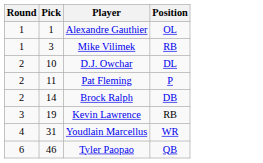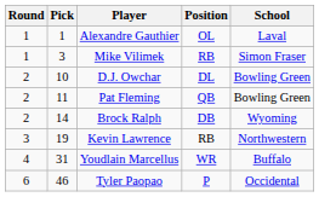 <table class="wikitable" style="font-size: 95%;">
 <tr>
 <th scope="col">Round</th>
 <th scope="col">Pick</th>
 <th scope="col">Player</th>
 <th scope="col">Position</th>
+<th scope="col">School</th>
 </tr>
 <tr align="center">
 <td align=center>1</td>
 <td>1</td>
 <td><a href='#'>Alexandre Gauthier</a></td>
 <td><a href='#'>OL</a></td>
+<td><a href='#'>Laval</a></td>
 </tr>
 <tr align="center">
 <td>1</td>
 <td>3</td>
 <td><a href='#'>Mike Vilimek</a></td>
 <td><a href='#'>RB</a></td>
+<td><a href='#'>Simon Fraser</a></td>
 </tr>
 <tr align="center">
 <td align=center>2</td>
 <td>10</td>
 <td><a href='#'>D.J. Owchar</a></td>
 <td><a href='#'>DL</a></td>
+<td><a href='#'>Bowling Green</a></td>
 </tr>
 <tr align="center">
 <td align=center>2</td>
 <td>11</td>
 <td><a href='#'>Pat Fleming</a></td>
-<td><a href='#'>P</a></td>
+<td><a href='#'>QB</a></td>
+<td>Bowling Green</td>
 </tr>
 <tr align="center">
 <td align=center>2</td>
 <td>14</td>
 <td><a href='#'>Brock Ralph</a></td>
 <td><a href='#'>DB</a></td>
+<td><a href='#'>Wyoming</a></td>
 </tr>
 <tr align="center">
 <td align=center>3</td>
 <td>19</td>
 <td><a href='#'>Kevin Lawrence</a></td>
 <td>RB</td>
+<td><a href='#'>Northwestern</a></td>
 </tr>
 <tr align="center">
 <td align=center>4</td>
 <td>31</td>
 <td><a href='#'>Youdlain Marcellus</a></td>
 <td><a href='#'>WR</a></td>
+<td><a href='#'>Buffalo</a></td>
 </tr>
 <tr align="center">
 <td align=center>6</td>
 <td>46</td>
 <td><a href='#'>Tyler Paopao</a></td>
-<td><a href='#'>QB</a></td>
+<td><a href='#'>P</a></td>
+<td><a href='#'>Occidental</a></td>
 </tr>
 </table>
